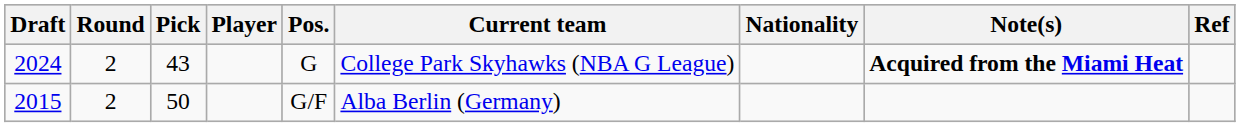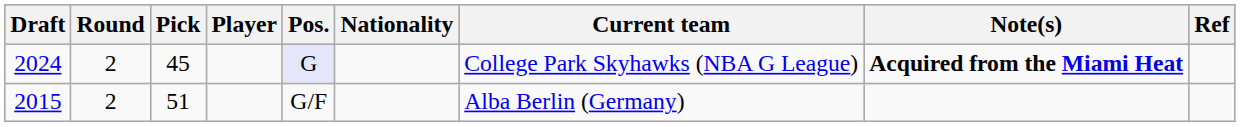 <table class="wikitable sortable" style="text-align:left; font-size:90%;">
 <tr>
 <th>Draft</th>
 <th>Round</th>
 <th>Pick</th>
 <th>Player</th>
 <th>Pos.</th>
+<th>Nationality</th>
 <th>Current team</th>
-<th>Nationality</th>
 <th>Note(s)</th>
 <th class="unsortable">Ref</th>
 </tr>
 <tr>
 <td style="text-align:center;"><a href='#'>2024</a></td>
 <td style="text-align:center;">2</td>
-<td style="text-align:center;">43</td>
+<td style="text-align:center;">45</td>
 <td></td>
-<td style="text-align:center;">G</td>
+<td style="background: lavender; text-align:center;">G</td>
+<td></td>
 <td><a href='#'>College Park Skyhawks</a> (<a href='#'>NBA G League</a>)</td>
-<td></td>
 <td><strong>Acquired from the <a href='#'>Miami Heat</a></strong></td>
 <td style="text-align:center;"></td>
 </tr>
 <tr>
 <td style="text-align:center;"><a href='#'>2015</a></td>
 <td style="text-align:center;">2</td>
-<td style="text-align:center;">50</td>
+<td style="text-align:center;">51</td>
 <td></td>
 <td style="text-align:center;">G/F</td>
+<td></td>
 <td><a href='#'>Alba Berlin</a> (<a href='#'>Germany</a>)</td>
-<td></td>
 <td></td>
 <td style="text-align:center;"></td>
 </tr>
 </table>
